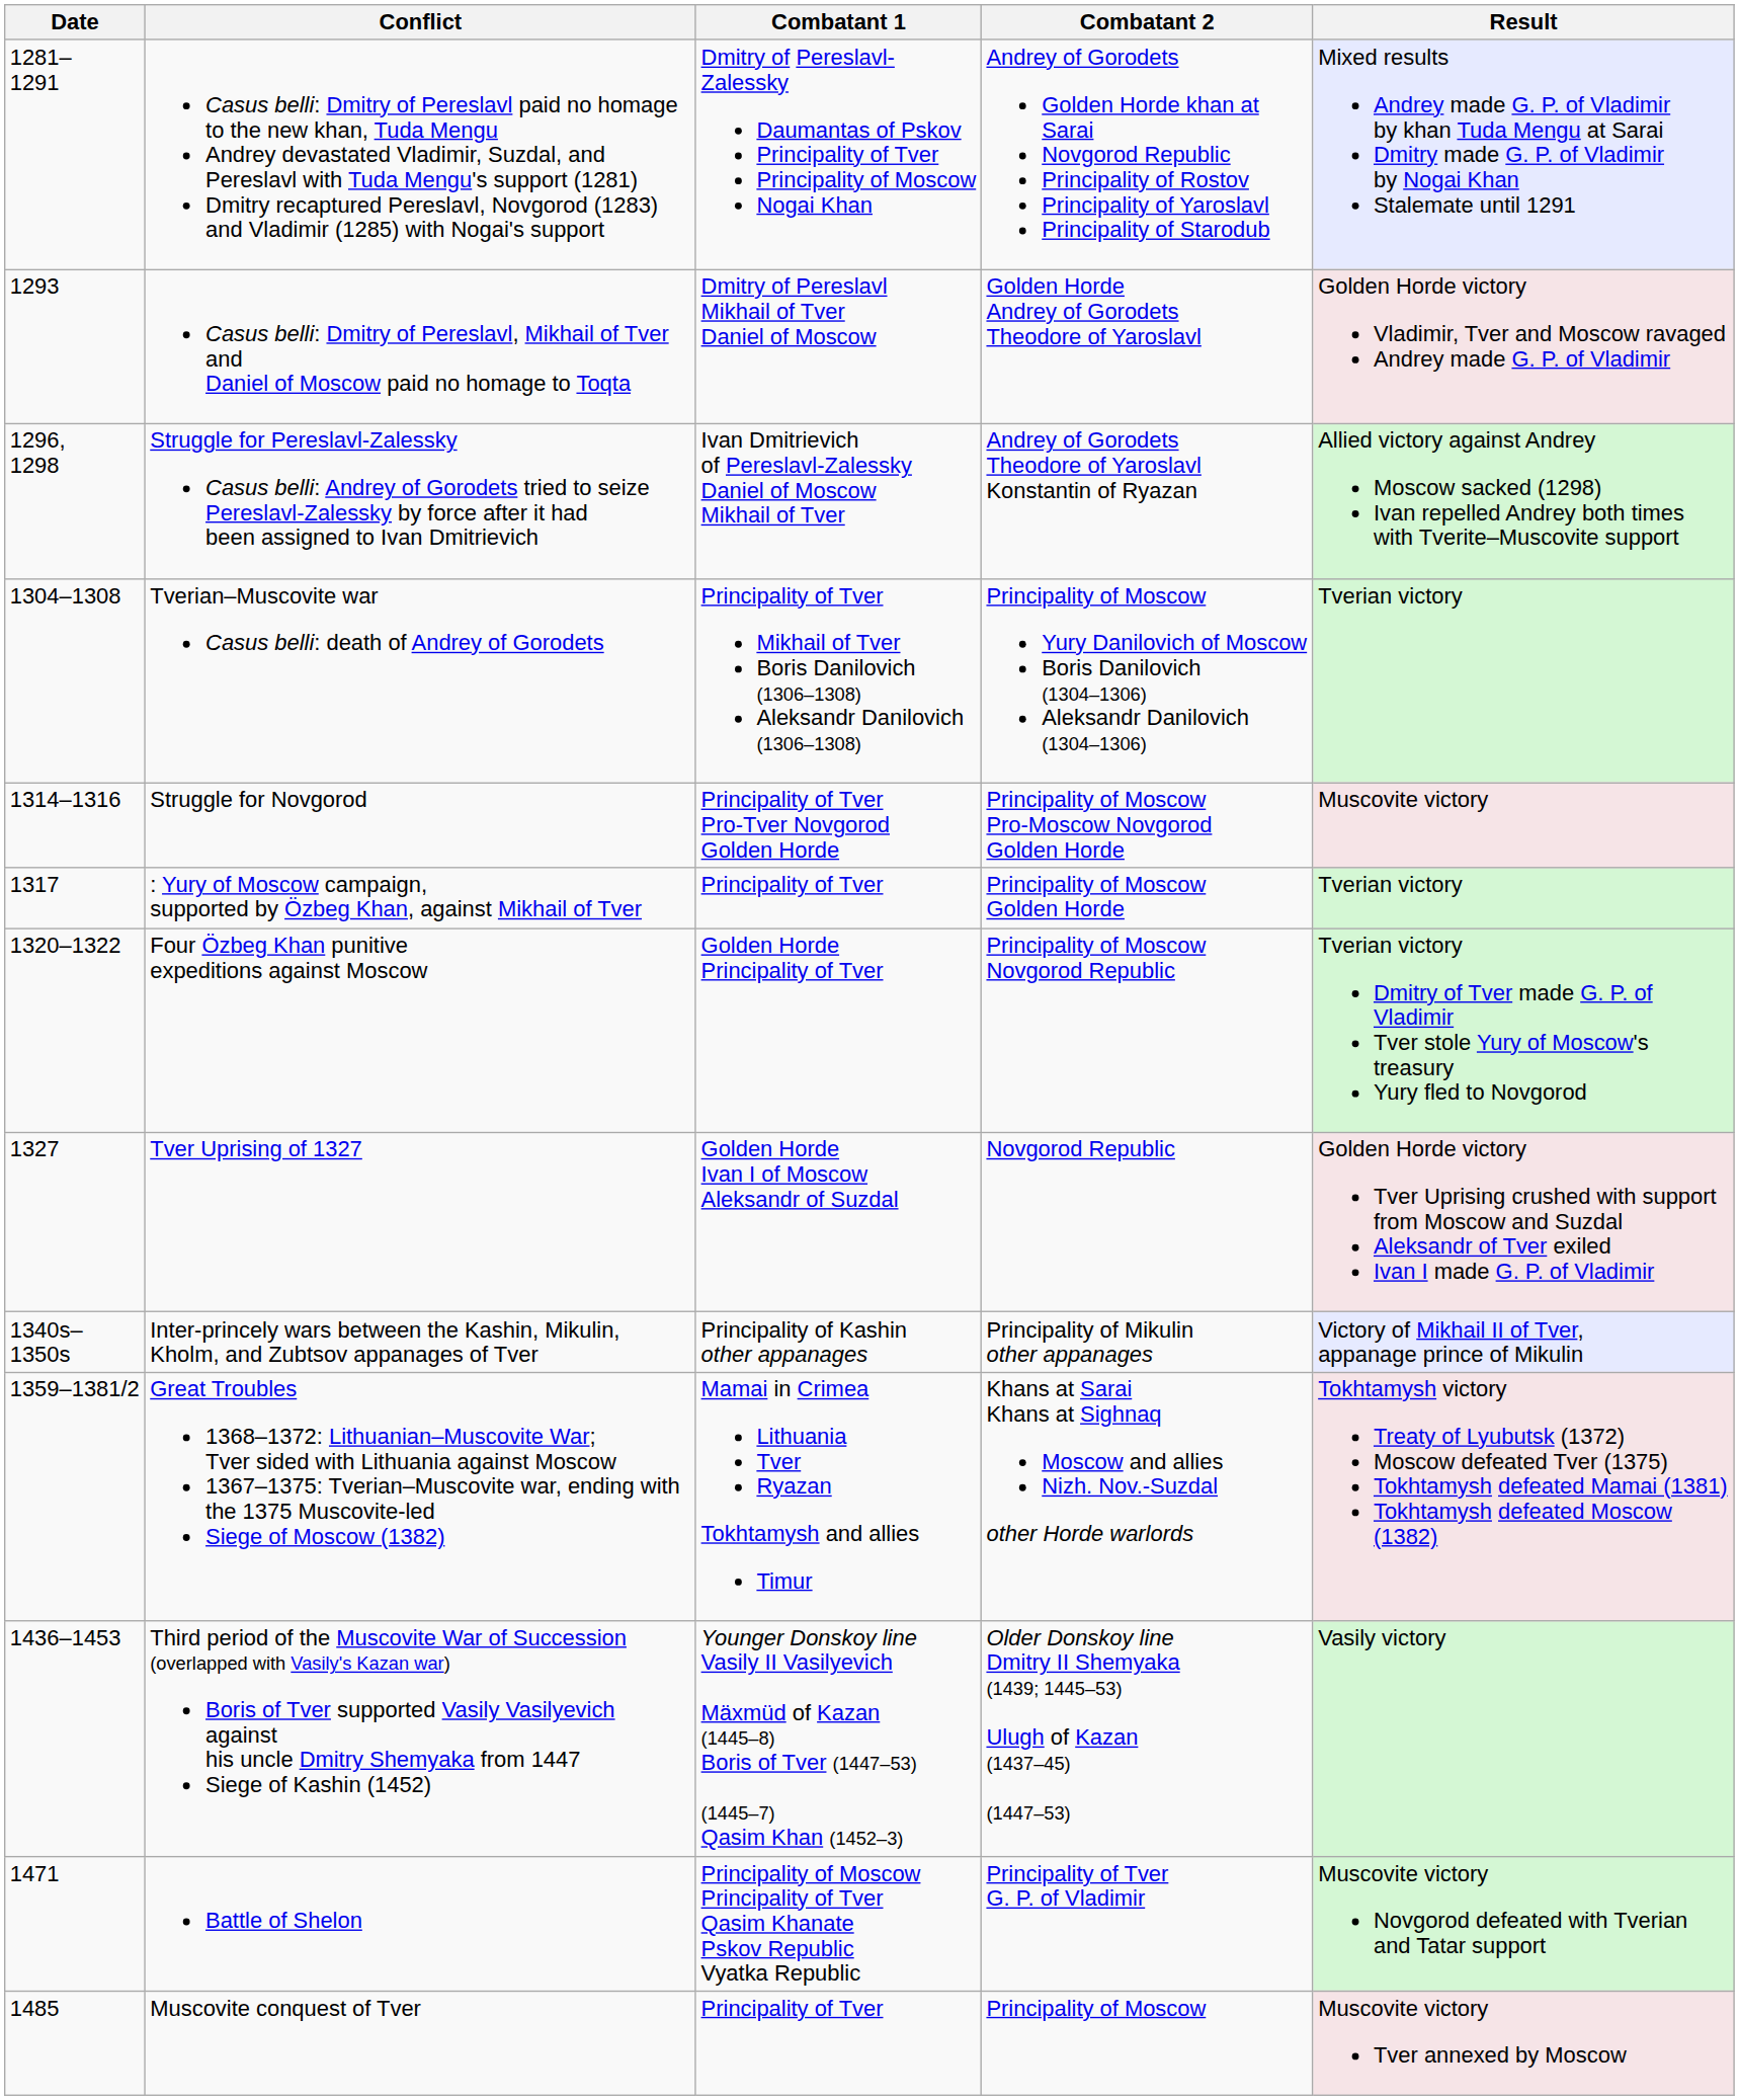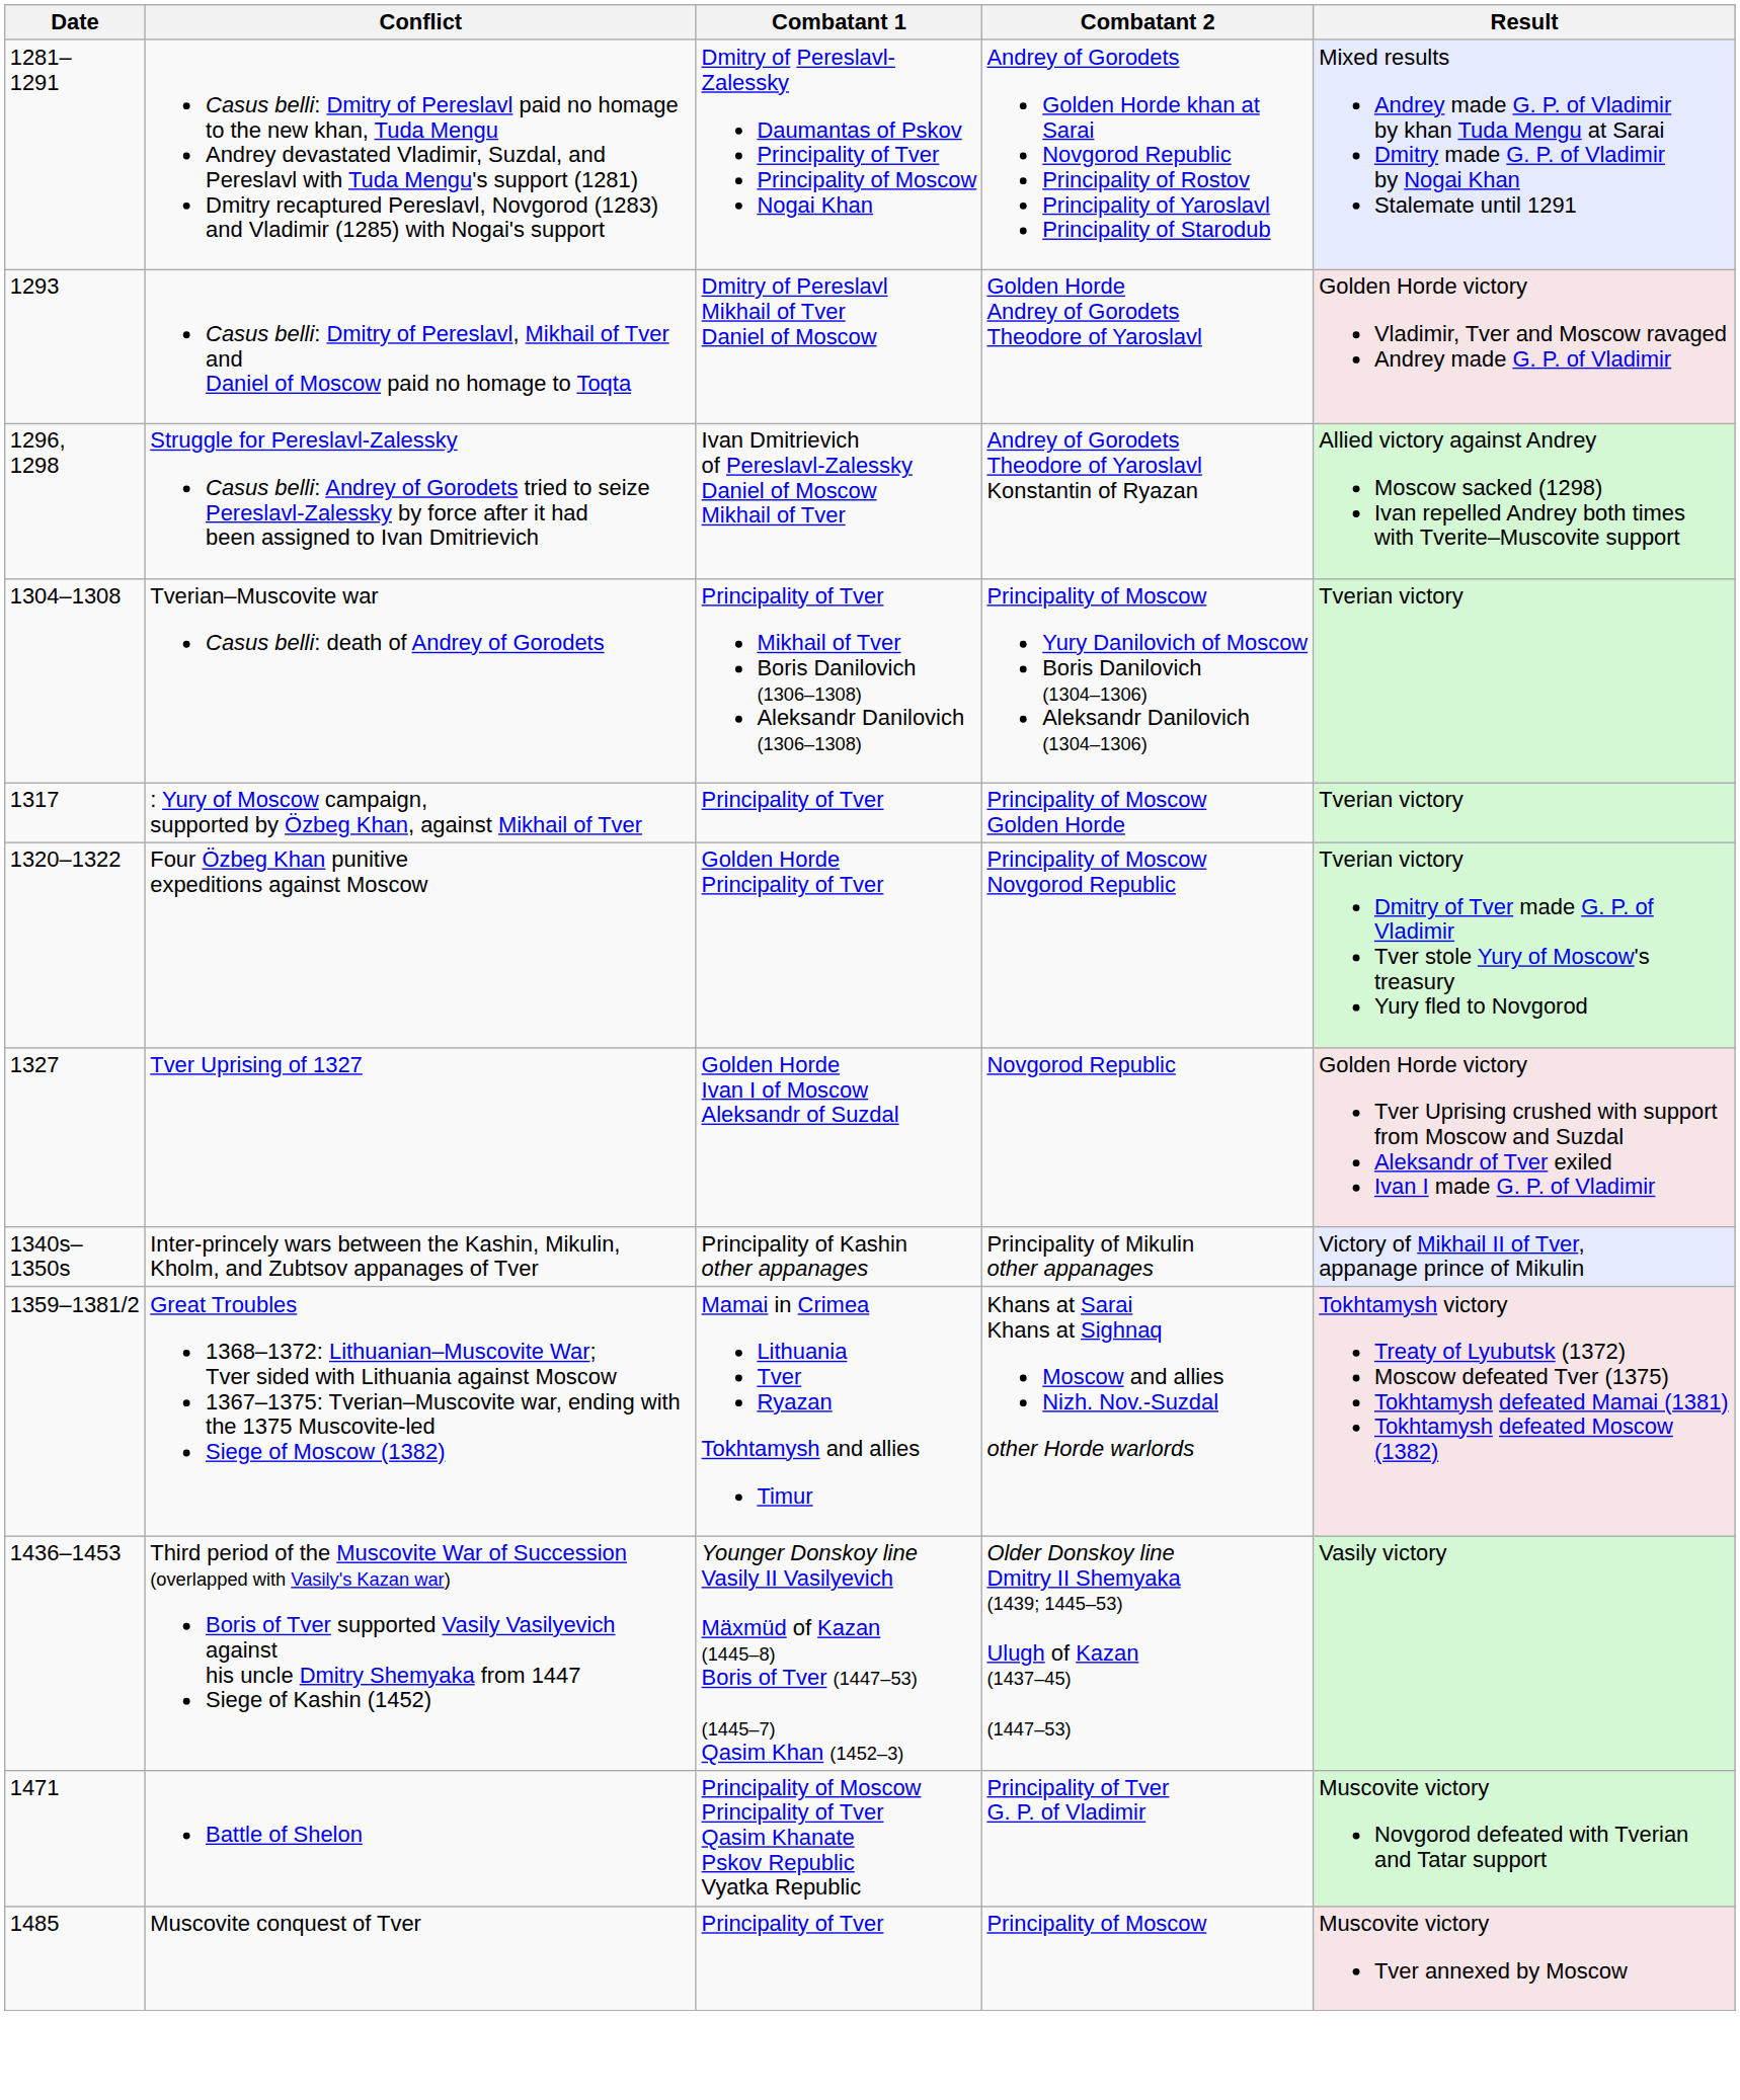 <table class="wikitable sortable">
 <tr>
 <th>Date</th>
 <th>Conflict</th>
 <th>Combatant 1</th>
 <th>Combatant 2</th>
 <th>Result</th>
 </tr>
 <tr valign="top">
 <td>1281–<br> 1291</td>
 <td><br><ul><li><em>Casus belli</em>: <a href='#'>Dmitry of Pereslavl</a> paid no homage<br>to the new khan, <a href='#'>Tuda Mengu</a></li><li>Andrey devastated Vladimir, Suzdal, and<br>Pereslavl with <a href='#'>Tuda Mengu</a>'s support (1281)</li><li>Dmitry recaptured Pereslavl, Novgorod (1283)<br>and Vladimir (1285) with Nogai's support</li></ul></td>
 <td><a href='#'>Dmitry of</a> <a href='#'>Pereslavl-Zalessky</a><br><ul><li><a href='#'>Daumantas of Pskov</a><br></li><li><a href='#'>Principality of Tver</a><br></li><li><a href='#'>Principality of Moscow</a><br></li><li><a href='#'>Nogai Khan</a></li></ul></td>
 <td><a href='#'>Andrey of Gorodets</a><br><ul><li><a href='#'>Golden Horde khan at Sarai</a></li><li><a href='#'>Novgorod Republic</a></li><li><a href='#'>Principality of Rostov</a></li><li><a href='#'>Principality of Yaroslavl</a></li><li><a href='#'>Principality of Starodub</a><br></li></ul></td>
 <td style="background:#E6EAFF">Mixed results<br><ul><li><a href='#'>Andrey</a> made <a href='#'>G. P. of Vladimir</a><br>by khan <a href='#'>Tuda Mengu</a> at Sarai</li><li><a href='#'>Dmitry</a> made <a href='#'>G. P. of Vladimir</a><br>by <a href='#'>Nogai Khan</a></li><li>Stalemate until 1291</li></ul></td>
 </tr>
 <tr valign="top">
 <td>1293</td>
 <td><br><ul><li><em>Casus belli</em>: <a href='#'>Dmitry of Pereslavl</a>, <a href='#'>Mikhail of Tver</a> and<br><a href='#'>Daniel of Moscow</a> paid no homage to <a href='#'>Toqta</a></li></ul></td>
 <td><a href='#'>Dmitry of Pereslavl</a><br><a href='#'>Mikhail of Tver</a><br><a href='#'>Daniel of Moscow</a></td>
 <td><a href='#'>Golden Horde</a><br><a href='#'>Andrey of Gorodets</a><br><a href='#'>Theodore of Yaroslavl</a></td>
 <td style="background:#F6E4E7">Golden Horde victory<br><ul><li>Vladimir, Tver and Moscow ravaged</li><li>Andrey made <a href='#'>G. P. of Vladimir</a></li></ul></td>
 </tr>
 <tr valign="top">
 <td>1296,<br>1298</td>
 <td><a href='#'>Struggle for Pereslavl-Zalessky</a><br><ul><li><em>Casus belli</em>: <a href='#'>Andrey of Gorodets</a> tried to seize<br><a href='#'>Pereslavl-Zalessky</a> by force after it had<br>been assigned to Ivan Dmitrievich</li></ul></td>
 <td>Ivan Dmitrievich<br>of <a href='#'>Pereslavl-Zalessky</a><br><a href='#'>Daniel of Moscow</a><br><a href='#'>Mikhail of Tver</a></td>
 <td><a href='#'>Andrey of Gorodets</a><br><a href='#'>Theodore of Yaroslavl</a><br>Konstantin of Ryazan</td>
 <td style="background:#D4F7D4">Allied victory against Andrey<br><ul><li>Moscow sacked (1298)</li><li>Ivan repelled Andrey both times<br>with Tverite–Muscovite support</li></ul></td>
 </tr>
 <tr valign="top">
 <td>1304–1308</td>
 <td>Tverian–Muscovite war<br><ul><li><em>Casus belli</em>: death of <a href='#'>Andrey of Gorodets</a></li></ul></td>
 <td><a href='#'>Principality of Tver</a><br><ul><li><a href='#'>Mikhail of Tver</a></li><li>Boris Danilovich<br><small>(1306–1308)</small></li><li>Aleksandr Danilovich<br><small>(1306–1308)</small></li></ul></td>
 <td><a href='#'>Principality of Moscow</a><br><ul><li><a href='#'>Yury Danilovich of Moscow</a></li><li>Boris Danilovich<br><small>(1304–1306)</small></li><li>Aleksandr Danilovich<br><small>(1304–1306)</small></li></ul></td>
 <td style="background:#D4F7D4">Tverian victory</td>
-</tr>
-<tr valign="top">
-<td>1314–1316</td>
-<td>Struggle for Novgorod</td>
-<td><a href='#'>Principality of Tver</a><br><a href='#'>Pro-Tver Novgorod</a><br><a href='#'>Golden Horde</a></td>
-<td><a href='#'>Principality of Moscow</a><br><a href='#'>Pro-Moscow Novgorod</a><br><a href='#'>Golden Horde</a></td>
-<td style="background:#F6E4E7">Muscovite victory</td>
 </tr>
 <tr valign="top">
 <td>1317</td>
 <td>: <a href='#'>Yury of Moscow</a> campaign,<br>supported by <a href='#'>Özbeg Khan</a>, against <a href='#'>Mikhail of Tver</a></td>
 <td><a href='#'>Principality of Tver</a></td>
 <td><a href='#'>Principality of Moscow</a><br><a href='#'>Golden Horde</a></td>
 <td style="background:#D4F7D4">Tverian victory</td>
 </tr>
 <tr valign="top">
 <td>1320–1322</td>
 <td>Four <a href='#'>Özbeg Khan</a> punitive<br>expeditions against Moscow</td>
 <td><a href='#'>Golden Horde</a><br><a href='#'>Principality of Tver</a></td>
 <td><a href='#'>Principality of Moscow</a><br><a href='#'>Novgorod Republic</a></td>
 <td style="background:#D4F7D4">Tverian victory<br><ul><li><a href='#'>Dmitry of Tver</a> made <a href='#'>G. P. of Vladimir</a></li><li>Tver stole <a href='#'>Yury of Moscow</a>'s treasury</li><li>Yury fled to Novgorod</li></ul></td>
 </tr>
 <tr valign="top">
 <td>1327</td>
 <td><a href='#'>Tver Uprising of 1327</a></td>
 <td> <a href='#'>Golden Horde</a><br> <a href='#'>Ivan I of Moscow</a><br><a href='#'>Aleksandr of Suzdal</a></td>
 <td><a href='#'>Novgorod Republic</a></td>
 <td style="background:#F6E4E7">Golden Horde victory<br><ul><li>Tver Uprising crushed with support<br>from Moscow and Suzdal</li><li><a href='#'>Aleksandr of Tver</a> exiled</li><li><a href='#'>Ivan I</a> made <a href='#'>G. P. of Vladimir</a></li></ul></td>
 </tr>
 <tr valign="top">
 <td>1340s–1350s</td>
 <td>Inter-princely wars between the Kashin, Mikulin,<br>Kholm, and Zubtsov appanages of Tver</td>
 <td>Principality of Kashin<br><em>other appanages</em></td>
 <td>Principality of Mikulin<br><em>other appanages</em></td>
 <td style="background:#E6EAFF">Victory of <a href='#'>Mikhail II of Tver</a>,<br>appanage prince of Mikulin</td>
 </tr>
 <tr valign="top">
 <td>1359–1381/2</td>
 <td><a href='#'>Great Troubles</a><br><ul><li>1368–1372: <a href='#'>Lithuanian–Muscovite War</a>;<br>Tver sided with Lithuania against Moscow</li><li>1367–1375: Tverian–Muscovite war, ending with<br> the 1375 Muscovite-led </li><li><a href='#'>Siege of Moscow (1382)</a></li></ul></td>
 <td> <a href='#'>Mamai</a> in <a href='#'>Crimea</a><br><ul><li> <a href='#'>Lithuania</a></li><li> <a href='#'>Tver</a></li><li> <a href='#'>Ryazan</a></li></ul> <a href='#'>Tokhtamysh</a> and allies<ul><li> <a href='#'>Timur</a></li></ul></td>
 <td> Khans at <a href='#'>Sarai</a><br> Khans at <a href='#'>Sighnaq</a><ul><li> <a href='#'>Moscow</a> and allies</li><li> <a href='#'>Nizh. Nov.-Suzdal</a></li></ul> <em>other Horde warlords</em></td>
 <td style="background:#F6E4E7"><a href='#'>Tokhtamysh</a> victory<br><ul><li><a href='#'>Treaty of Lyubutsk</a> (1372)</li><li>Moscow defeated Tver (1375)</li><li><a href='#'>Tokhtamysh</a> <a href='#'>defeated Mamai (1381)</a></li><li><a href='#'>Tokhtamysh</a> <a href='#'>defeated Moscow (1382)</a></li></ul></td>
 </tr>
 <tr valign="top">
 <td>1436–1453</td>
 <td>Third period of the <a href='#'>Muscovite War of Succession</a><br><small>(overlapped with <a href='#'>Vasily's Kazan war</a>)</small><br><ul><li><a href='#'>Boris of Tver</a> supported <a href='#'>Vasily Vasilyevich</a> against<br>his uncle <a href='#'>Dmitry Shemyaka</a> from 1447</li><li>Siege of Kashin (1452)</li></ul></td>
 <td><em>Younger Donskoy line</em><br> <a href='#'>Vasily II Vasilyevich</a><br><br> <a href='#'>Mäxmüd</a> of <a href='#'>Kazan</a><br><small>(1445–8)</small><br>  <a href='#'>Boris of Tver</a> <small>(1447–53)</small><br><br><small>(1445–7)</small><br><a href='#'>Qasim Khan</a> <small>(1452–3)</small></td>
 <td><em>Older Donskoy line</em><br> <a href='#'>Dmitry II Shemyaka</a><br><small>(1439; 1445–53)</small><br><br> <a href='#'>Ulugh</a> of <a href='#'>Kazan</a><br><small>(1437–45)</small><br> <br><small>(1447–53)</small></td>
 <td style="background:#D4F7D4">Vasily victory</td>
 </tr>
 <tr valign="top">
 <td>1471</td>
 <td><br><ul><li><a href='#'>Battle of Shelon</a></li></ul></td>
 <td><a href='#'>Principality of Moscow</a><br><a href='#'>Principality of Tver</a><br><a href='#'>Qasim Khanate</a><br><a href='#'>Pskov Republic</a><br>Vyatka Republic</td>
 <td> <a href='#'>Principality of Tver</a><br> <a href='#'>G. P. of Vladimir</a></td>
 <td style="background:#D4F7D4">Muscovite victory<br><ul><li>Novgorod defeated with Tverian<br>and Tatar support</li></ul></td>
 </tr>
 <tr valign="top">
 <td>1485</td>
 <td>Muscovite conquest of Tver</td>
 <td><a href='#'>Principality of Tver</a></td>
 <td><a href='#'>Principality of Moscow</a></td>
 <td style="background:#F6E4E7">Muscovite victory<br><ul><li>Tver annexed by Moscow</li></ul></td>
 </tr>
 </table>
